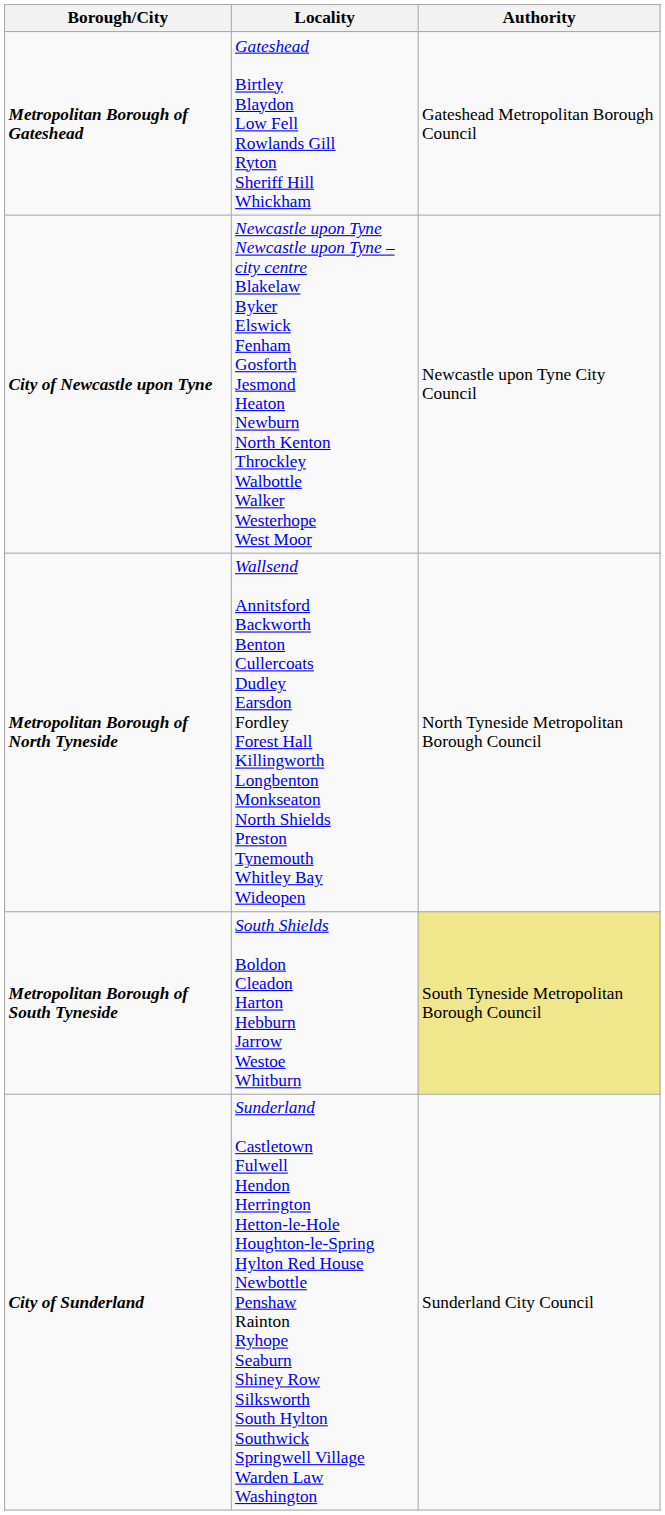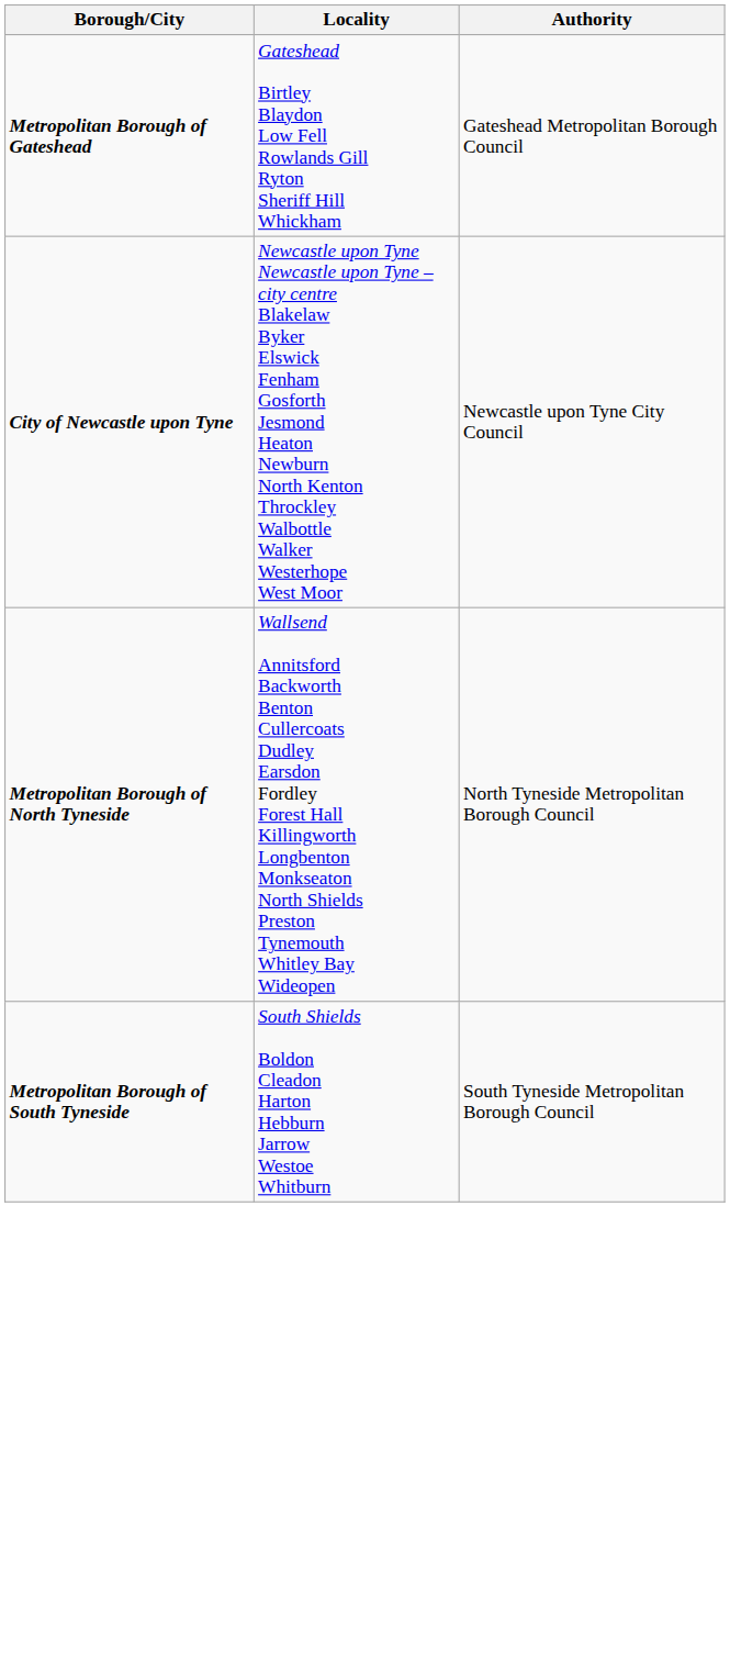 <table class="wikitable">
 <tr>
 <th>Borough/City</th>
 <th>Locality</th>
 <th>Authority</th>
 </tr>
 <tr>
 <td><strong><em>Metropolitan Borough of Gateshead</em></strong></td>
 <td><em><a href='#'>Gateshead</a></em><br><br><a href='#'>Birtley</a><br> <a href='#'>Blaydon</a><br> <a href='#'>Low Fell</a><br> <a href='#'>Rowlands Gill</a><br> <a href='#'>Ryton</a><br> <a href='#'>Sheriff Hill</a><br> <a href='#'>Whickham</a></td>
 <td>Gateshead Metropolitan Borough Council</td>
 </tr>
 <tr>
 <td><strong><em>City of Newcastle upon Tyne</em></strong></td>
 <td><em><a href='#'>Newcastle upon Tyne</a><br><a href='#'>Newcastle upon Tyne – city centre</a></em><br><a href='#'>Blakelaw</a><br> <a href='#'>Byker</a><br> <a href='#'>Elswick</a><br><a href='#'>Fenham</a><br><a href='#'>Gosforth</a><br> <a href='#'>Jesmond</a><br> <a href='#'>Heaton</a><br> <a href='#'>Newburn</a><br> <a href='#'>North Kenton</a><br> <a href='#'>Throckley</a><br> <a href='#'>Walbottle</a><br> <a href='#'>Walker</a><br> <a href='#'>Westerhope</a><br> <a href='#'>West Moor</a><br></td>
 <td>Newcastle upon Tyne City Council</td>
 </tr>
 <tr>
 <td><strong><em>Metropolitan Borough of North Tyneside</em></strong></td>
 <td><em><a href='#'>Wallsend</a></em> <br><br><a href='#'>Annitsford</a><br> <a href='#'>Backworth</a><br> <a href='#'>Benton</a><br> <a href='#'>Cullercoats</a><br> <a href='#'>Dudley</a><br> <a href='#'>Earsdon</a><br> Fordley<br> <a href='#'>Forest Hall</a><br> <a href='#'>Killingworth</a><br> <a href='#'>Longbenton</a><br> <a href='#'>Monkseaton</a><br> <a href='#'>North Shields</a><br> <a href='#'>Preston</a><br> <a href='#'>Tynemouth</a><br> <a href='#'>Whitley Bay</a><br> <a href='#'>Wideopen</a></td>
 <td>North Tyneside Metropolitan Borough Council</td>
 </tr>
 <tr>
 <td><strong><em>Metropolitan Borough of South Tyneside</em></strong></td>
 <td><em><a href='#'>South Shields</a></em><br><br><a href='#'>Boldon</a><br> <a href='#'>Cleadon</a><br> <a href='#'>Harton</a><br> <a href='#'>Hebburn</a><br> <a href='#'>Jarrow</a><br> <a href='#'>Westoe</a><br> <a href='#'>Whitburn</a></td>
-<td style="background: khaki;">South Tyneside Metropolitan Borough Council</td>
-</tr>
-<tr>
-<td><strong><em>City of Sunderland</em></strong></td>
-<td><em><a href='#'>Sunderland</a></em> <br><br><a href='#'>Castletown</a><br> <a href='#'>Fulwell</a><br> <a href='#'>Hendon</a><br> <a href='#'>Herrington</a><br> <a href='#'>Hetton-le-Hole</a><br> <a href='#'>Houghton-le-Spring</a><br> <a href='#'>Hylton Red House</a><br> <a href='#'>Newbottle</a><br> <a href='#'>Penshaw</a><br> Rainton<br> <a href='#'>Ryhope</a><br> <a href='#'>Seaburn</a><br> <a href='#'>Shiney Row</a><br> <a href='#'>Silksworth</a><br> <a href='#'>South Hylton</a><br> <a href='#'>Southwick</a><br> <a href='#'>Springwell Village</a> <br> <a href='#'>Warden Law</a><br> <a href='#'>Washington</a><br></td>
-<td>Sunderland City Council</td>
+<td>South Tyneside Metropolitan Borough Council</td>
 </tr>
 </table>
